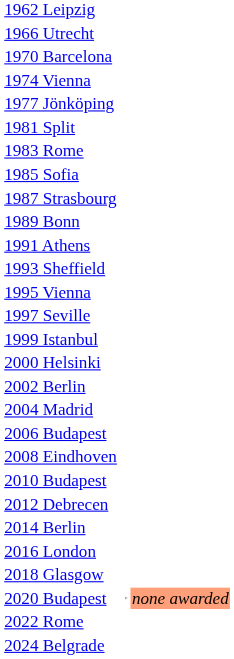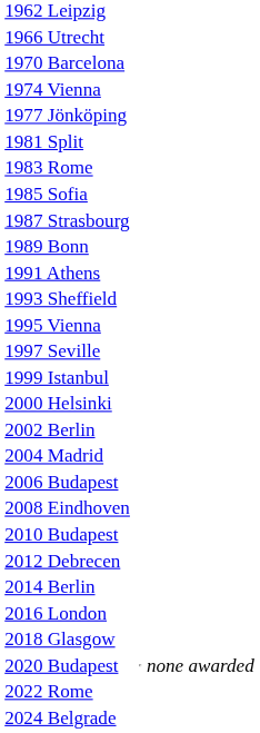 <table>
 <tr>
 <td><a href='#'>1962 Leipzig</a></td>
 <td></td>
 <td></td>
 <td></td>
 </tr>
 <tr>
 <td><a href='#'>1966 Utrecht</a></td>
 <td></td>
 <td></td>
 <td></td>
 </tr>
 <tr>
 <td><a href='#'>1970 Barcelona</a></td>
 <td></td>
 <td></td>
 <td></td>
 </tr>
 <tr>
 <td><a href='#'>1974 Vienna</a></td>
 <td></td>
 <td></td>
 <td></td>
 </tr>
 <tr>
 <td><a href='#'>1977 Jönköping</a></td>
 <td></td>
 <td></td>
 <td></td>
 </tr>
 <tr>
 <td><a href='#'>1981 Split</a></td>
 <td></td>
 <td></td>
 <td></td>
 </tr>
 <tr>
 <td><a href='#'>1983 Rome</a></td>
 <td></td>
 <td></td>
 <td></td>
 </tr>
 <tr>
 <td><a href='#'>1985 Sofia</a></td>
 <td></td>
 <td></td>
 <td></td>
 </tr>
 <tr>
 <td><a href='#'>1987 Strasbourg</a></td>
 <td></td>
 <td></td>
 <td></td>
 </tr>
 <tr>
 <td><a href='#'>1989 Bonn</a></td>
 <td></td>
 <td></td>
 <td></td>
 </tr>
 <tr>
 <td><a href='#'>1991 Athens</a></td>
 <td></td>
 <td></td>
 <td></td>
 </tr>
 <tr>
 <td><a href='#'>1993 Sheffield</a></td>
 <td></td>
 <td></td>
 <td></td>
 </tr>
 <tr>
 <td><a href='#'>1995 Vienna</a></td>
 <td></td>
 <td></td>
 <td></td>
 </tr>
 <tr>
 <td><a href='#'>1997 Seville</a></td>
 <td></td>
 <td></td>
 <td></td>
 </tr>
 <tr>
 <td><a href='#'>1999 Istanbul</a></td>
 <td></td>
 <td></td>
 <td></td>
 </tr>
 <tr>
 <td><a href='#'>2000 Helsinki</a></td>
 <td></td>
 <td></td>
 <td></td>
 </tr>
 <tr>
 <td><a href='#'>2002 Berlin</a></td>
 <td></td>
 <td></td>
 <td></td>
 </tr>
 <tr>
 <td><a href='#'>2004 Madrid</a></td>
 <td></td>
 <td></td>
 <td></td>
 </tr>
 <tr>
 <td><a href='#'>2006 Budapest</a></td>
 <td></td>
 <td></td>
 <td></td>
 </tr>
 <tr>
 <td><a href='#'>2008 Eindhoven</a></td>
 <td></td>
 <td></td>
 <td></td>
 </tr>
 <tr>
 <td><a href='#'>2010 Budapest</a></td>
 <td></td>
 <td></td>
 <td></td>
 </tr>
 <tr>
 <td><a href='#'>2012 Debrecen</a></td>
 <td></td>
 <td></td>
 <td></td>
 </tr>
 <tr>
 <td><a href='#'>2014 Berlin</a></td>
 <td></td>
 <td></td>
 <td></td>
 </tr>
 <tr>
 <td><a href='#'>2016 London</a></td>
 <td></td>
 <td></td>
 <td></td>
 </tr>
 <tr>
 <td><a href='#'>2018 Glasgow</a></td>
 <td></td>
 <td></td>
 <td></td>
 </tr>
 <tr>
 <td><a href='#'>2020 Budapest</a></td>
 <td></td>
 <td><hr></td>
-<td style="background: lightsalmon;"><em>none awarded</em></td>
+<td><em>none awarded</em></td>
 </tr>
 <tr>
 <td><a href='#'>2022 Rome</a></td>
 <td></td>
 <td></td>
 <td></td>
 </tr>
 <tr>
 <td><a href='#'>2024 Belgrade</a></td>
 <td></td>
 <td></td>
 <td></td>
 </tr>
 </table>
